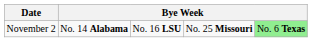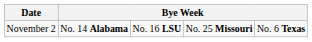 <table class="wikitable" style="font-size:95%;">
 <tr>
 <th>Date</th>
 <th colspan="4">Bye Week</th>
 </tr>
 <tr>
 <td>November 2</td>
 <td>No. 14 <strong>Alabama</strong></td>
 <td>No. 16 <strong>LSU</strong></td>
 <td>No. 25 <strong>Missouri</strong></td>
-<td style="background: lightgreen;">No. 6 <strong>Texas</strong></td>
+<td>No. 6 <strong>Texas</strong></td>
 </tr>
 </table>
